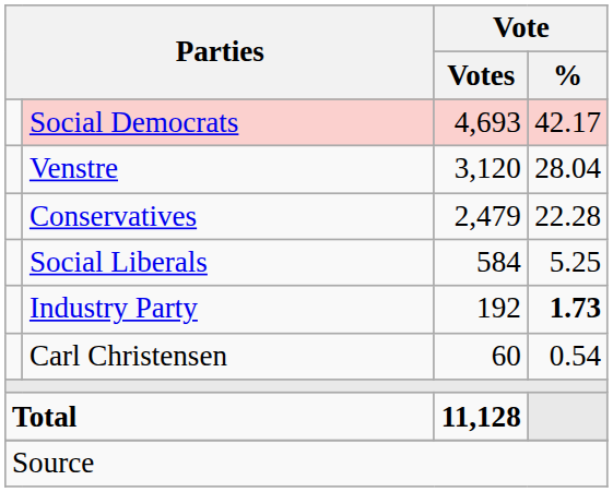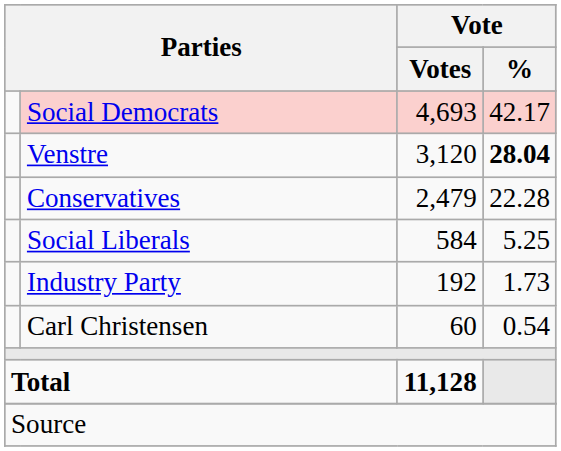 <table class="wikitable" style="text-align:right;">
 <tr>
 <th style="text-align:centre;" rowspan="2" colspan="2" width="225">Parties</th>
 <th colspan="3">Vote</th>
 </tr>
 <tr>
 <th width="15">Votes</th>
 <th width="15">%</th>
 </tr>
 <tr>
 <td width="2" style="color:inherit;background:"></td>
 <td bgcolor=#fbd0ce  align="left"><a href='#'>Social Democrats</a></td>
 <td bgcolor=#fbd0ce>4,693</td>
 <td bgcolor=#fbd0ce>42.17</td>
 </tr>
 <tr>
 <td width="2" style="color:inherit;background:"></td>
 <td align="left"><a href='#'>Venstre</a></td>
 <td>3,120</td>
-<td>28.04</td>
+<td><strong>28.04</strong></td>
 </tr>
 <tr>
 <td width="2" style="color:inherit;background:"></td>
 <td align="left"><a href='#'>Conservatives</a></td>
 <td>2,479</td>
 <td>22.28</td>
 </tr>
 <tr>
 <td width="2" style="color:inherit;background:"></td>
 <td align="left"><a href='#'>Social Liberals</a></td>
 <td>584</td>
 <td>5.25</td>
 </tr>
 <tr>
 <td width="2" style="color:inherit;background:"></td>
 <td align="left"><a href='#'>Industry Party</a></td>
 <td>192</td>
-<td><strong>1.73</strong></td>
+<td>1.73</td>
 </tr>
 <tr>
 <td width="2" style="color:inherit;background:"></td>
 <td align="left">Carl Christensen</td>
 <td>60</td>
 <td>0.54</td>
 </tr>
 <tr>
 <td colspan="7" bgcolor="#E9E9E9"></td>
 </tr>
 <tr>
 <td align="left" colspan="2"><strong>Total</strong></td>
 <td><strong>11,128</strong></td>
 <td bgcolor="#E9E9E9" colspan="2"></td>
 </tr>
 <tr>
 </tr>
 <tr>
 <td align="left" colspan="6">Source</td>
 </tr>
 </table>
